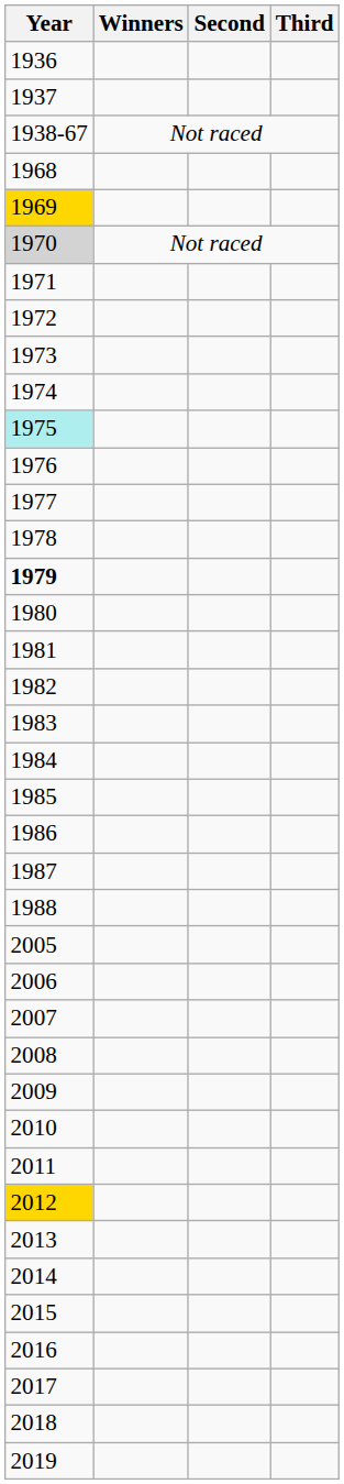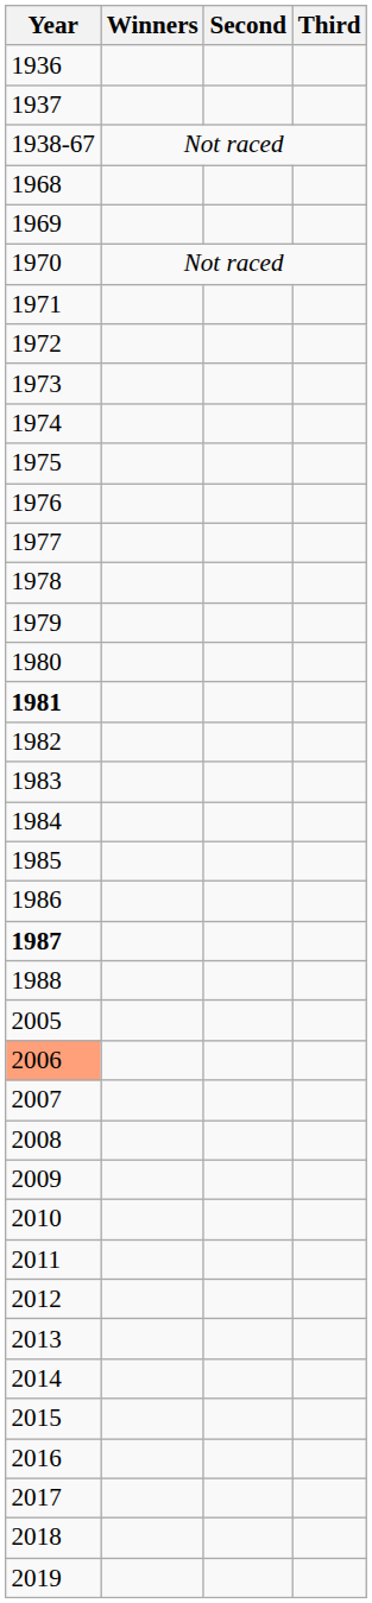 <table class="wikitable">
 <tr>
 <th>Year</th>
 <th>Winners</th>
 <th>Second</th>
 <th>Third</th>
 </tr>
 <tr>
 <td>1936</td>
 <td> <br> </td>
 <td> <br> </td>
 <td> <br> </td>
 </tr>
 <tr>
 <td>1937</td>
 <td> <br> </td>
 <td> <br> </td>
 <td> <br></td>
 </tr>
 <tr>
 <td>1938-67</td>
 <td colspan=3 align=center><em>Not raced</em></td>
 </tr>
 <tr>
 <td>1968</td>
 <td> <br> </td>
 <td> <br> </td>
 <td> <br> </td>
 </tr>
 <tr>
-<td style="background: gold;">1969</td>
+<td>1969</td>
 <td> <br> </td>
 <td> <br> </td>
 <td> <br> </td>
 </tr>
 <tr>
-<td style="background: lightgrey;">1970</td>
+<td>1970</td>
 <td colspan=3 align=center><em>Not raced</em></td>
 </tr>
 <tr>
 <td>1971</td>
 <td> <br> </td>
 <td> <br> </td>
 <td> <br> </td>
 </tr>
 <tr>
 <td>1972</td>
 <td> <br></td>
 <td> <br> </td>
 <td> <br> </td>
 </tr>
 <tr>
 <td>1973</td>
 <td> <br> </td>
 <td> <br> </td>
 <td> <br> </td>
 </tr>
 <tr>
 <td>1974</td>
 <td> <br> </td>
 <td> <br> </td>
 <td> <br> </td>
 </tr>
 <tr>
-<td style="background: paleturquoise;">1975</td>
+<td>1975</td>
 <td> <br> </td>
 <td> <br> </td>
 <td> <br> </td>
 </tr>
 <tr>
 <td>1976</td>
 <td> <br> </td>
 <td> <br> </td>
 <td> <br> </td>
 </tr>
 <tr>
 <td>1977</td>
 <td> <br> </td>
 <td> <br></td>
 <td> <br> </td>
 </tr>
 <tr>
 <td>1978</td>
 <td> <br> </td>
 <td> <br> </td>
 <td> <br> </td>
 </tr>
 <tr>
-<td><strong>1979</strong></td>
+<td>1979</td>
 <td> <br> </td>
 <td> <br> </td>
 <td> <br> </td>
 </tr>
 <tr>
 <td>1980</td>
 <td> <br></td>
 <td> <br> </td>
 <td> <br> </td>
 </tr>
 <tr>
-<td>1981</td>
+<td><strong>1981</strong></td>
 <td> <br> </td>
 <td> <br> </td>
 <td> <br> </td>
 </tr>
 <tr>
 <td>1982</td>
 <td> <br> </td>
 <td> <br> </td>
 <td> <br> </td>
 </tr>
 <tr>
 <td>1983</td>
 <td> <br> </td>
 <td> <br> </td>
 <td> <br> </td>
 </tr>
 <tr>
 <td>1984</td>
 <td> <br> </td>
 <td> <br> </td>
 <td> <br> </td>
 </tr>
 <tr>
 <td>1985</td>
 <td> <br> </td>
 <td> <br> </td>
 <td> <br> </td>
 </tr>
 <tr>
 <td>1986</td>
 <td> <br> </td>
 <td> <br> </td>
 <td> <br> </td>
 </tr>
 <tr>
-<td>1987</td>
+<td><strong>1987</strong></td>
 <td> <br> </td>
 <td> <br> </td>
 <td> <br> </td>
 </tr>
 <tr>
 <td>1988</td>
 <td> <br> </td>
 <td> <br> </td>
 <td> <br> </td>
 </tr>
 <tr>
 <td>2005</td>
 <td> <br> </td>
 <td> <br> </td>
 <td> <br> </td>
 </tr>
 <tr>
-<td>2006</td>
+<td style="background: lightsalmon;">2006</td>
 <td> <br></td>
 <td> <br> </td>
 <td> <br> </td>
 </tr>
 <tr>
 <td>2007</td>
 <td> <br> </td>
 <td> <br> </td>
 <td> <br> </td>
 </tr>
 <tr>
 <td>2008</td>
 <td> <br> </td>
 <td> <br> </td>
 <td> <br> </td>
 </tr>
 <tr>
 <td>2009</td>
 <td> <br> </td>
 <td> <br> </td>
 <td> <br> </td>
 </tr>
 <tr>
 <td>2010</td>
 <td> <br> </td>
 <td> <br> </td>
 <td> <br> </td>
 </tr>
 <tr>
 <td>2011</td>
 <td> <br> </td>
 <td> <br> </td>
 <td> <br> </td>
 </tr>
 <tr>
-<td style="background: gold;">2012</td>
+<td>2012</td>
 <td> <br> </td>
 <td> <br> </td>
 <td> <br> </td>
 </tr>
 <tr>
 <td>2013</td>
 <td> <br> </td>
 <td> <br> </td>
 <td> <br> </td>
 </tr>
 <tr>
 <td>2014</td>
 <td> <br> </td>
 <td> <br></td>
 <td> <br> </td>
 </tr>
 <tr>
 <td>2015</td>
 <td> <br> </td>
 <td> <br> </td>
 <td> <br> </td>
 </tr>
 <tr>
 <td>2016</td>
 <td> <br> </td>
 <td> <br> </td>
 <td> <br>  </td>
 </tr>
 <tr>
 <td>2017</td>
 <td> <br> </td>
 <td> <br> </td>
 <td> <br>  </td>
 </tr>
 <tr>
 <td>2018</td>
 <td> <br> </td>
 <td> <br>  </td>
 <td> <br>  </td>
 </tr>
 <tr>
 <td>2019</td>
 <td> <br> </td>
 <td> <br> </td>
 <td> <br> </td>
 </tr>
 </table>
